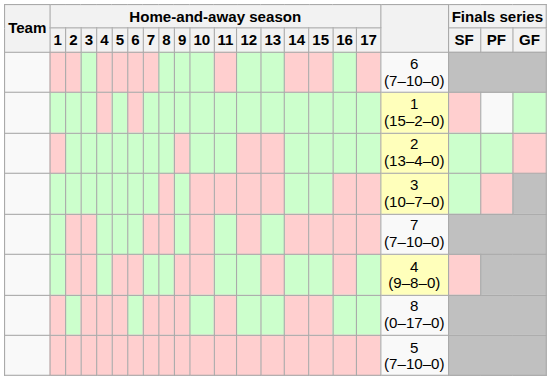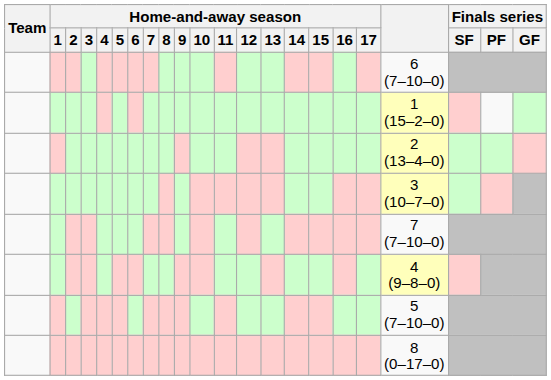 <table class="wikitable sortable" style="font-size:85%; text-align:center">
 <tr>
 <th rowspan=2>Team</th>
 <th colspan=17>Home-and-away season</th>
 <th rowspan=2></th>
 <th colspan=3>Finals series</th>
 </tr>
 <tr>
 <th>1</th>
 <th>2</th>
 <th>3</th>
 <th>4</th>
 <th>5</th>
 <th>6</th>
 <th>7</th>
 <th>8</th>
 <th>9</th>
 <th>10</th>
 <th>11</th>
 <th>12</th>
 <th>13</th>
 <th>14</th>
 <th>15</th>
 <th>16</th>
 <th>17</th>
 <th>SF</th>
 <th>PF</th>
 <th>GF</th>
 </tr>
 <tr>
 <td align=left></td>
 <td bgcolor=FFCFCF><strong></strong></td>
 <td bgcolor=FFCFCF></td>
 <td bgcolor=CCFFCC></td>
 <td bgcolor=FFCFCF><strong></strong></td>
 <td bgcolor=FFCFCF></td>
 <td bgcolor=FFCFCF><strong></strong></td>
 <td bgcolor=FFCFCF></td>
 <td bgcolor=CCFFCC></td>
 <td bgcolor=CCFFCC><strong></strong></td>
 <td bgcolor=CCFFCC><strong></strong></td>
 <td bgcolor=FFCFCF></td>
 <td bgcolor=CCFFCC><strong></strong></td>
 <td bgcolor=CCFFCC></td>
 <td bgcolor=FFCFCF><strong></strong></td>
 <td bgcolor=FFCFCF></td>
 <td bgcolor=CCFFCC><strong></strong></td>
 <td bgcolor=FFCFCF><strong></strong></td>
 <td>6<br>(7–10–0)</td>
 <td colspan=3 bgcolor=C0C0C0></td>
 </tr>
 <tr>
 <td align=left></td>
 <td bgcolor=CCFFCC></td>
 <td bgcolor=CCFFCC></td>
 <td bgcolor=CCFFCC><strong></strong></td>
 <td bgcolor=FFCFCF><strong></strong></td>
 <td bgcolor=CCFFCC></td>
 <td bgcolor=FFCFCF><strong></strong></td>
 <td bgcolor=CCFFCC><strong></strong></td>
 <td bgcolor=CCFFCC><strong></strong></td>
 <td bgcolor=CCFFCC><strong></strong></td>
 <td bgcolor=CCFFCC></td>
 <td bgcolor=CCFFCC></td>
 <td bgcolor=CCFFCC><strong></strong></td>
 <td bgcolor=CCFFCC></td>
 <td bgcolor=CCFFCC></td>
 <td bgcolor=CCFFCC><strong></strong></td>
 <td bgcolor=CCFFCC></td>
 <td bgcolor=CCFFCC><strong></strong></td>
 <td bgcolor=FFFFBB>1<br>(15–2–0)</td>
 <td bgcolor=FFCFCF><strong></strong></td>
 <td></td>
 <td bgcolor=CCFFCC><strong></strong></td>
 </tr>
 <tr>
 <td align=left></td>
 <td bgcolor=FFCFCF><strong></strong></td>
 <td bgcolor=CCFFCC></td>
 <td bgcolor=CCFFCC><strong></strong></td>
 <td bgcolor=CCFFCC><strong></strong></td>
 <td bgcolor=CCFFCC><strong></strong></td>
 <td bgcolor=CCFFCC></td>
 <td bgcolor=CCFFCC></td>
 <td bgcolor=CCFFCC></td>
 <td bgcolor=FFCFCF><strong></strong></td>
 <td bgcolor=CCFFCC></td>
 <td bgcolor=CCFFCC></td>
 <td bgcolor=FFCFCF></td>
 <td bgcolor=FFCFCF><strong></strong></td>
 <td bgcolor=CCFFCC><strong></strong></td>
 <td bgcolor=CCFFCC></td>
 <td bgcolor=CCFFCC><strong></strong></td>
 <td bgcolor=CCFFCC></td>
 <td bgcolor=FFFFBB>2<br>(13–4–0)</td>
 <td bgcolor=CCFFCC><strong></strong></td>
 <td bgcolor=CCFFCC><strong></strong></td>
 <td bgcolor=FFCFCF></td>
 </tr>
 <tr>
 <td align=left></td>
 <td bgcolor=CCFFCC></td>
 <td bgcolor=CCFFCC></td>
 <td bgcolor=CCFFCC><strong></strong></td>
 <td bgcolor=CCFFCC></td>
 <td bgcolor=CCFFCC><strong></strong></td>
 <td bgcolor=CCFFCC></td>
 <td bgcolor=CCFFCC><strong></strong></td>
 <td bgcolor=FFCFCF><strong></strong></td>
 <td bgcolor=CCFFCC><strong></strong></td>
 <td bgcolor=FFCFCF></td>
 <td bgcolor=FFCFCF><strong></strong></td>
 <td bgcolor=FFCFCF></td>
 <td bgcolor=FFCFCF><strong></strong></td>
 <td bgcolor=CCFFCC></td>
 <td bgcolor=CCFFCC></td>
 <td bgcolor=FFCFCF><strong></strong></td>
 <td bgcolor=FFCFCF><strong></strong></td>
 <td bgcolor=FFFFBB>3<br>(10–7–0)</td>
 <td bgcolor=CCFFCC></td>
 <td bgcolor=FFCFCF></td>
 <td bgcolor=C0C0C0></td>
 </tr>
 <tr>
 <td align=left></td>
 <td bgcolor=CCFFCC></td>
 <td bgcolor=FFCFCF><strong></strong></td>
 <td bgcolor=FFCFCF></td>
 <td bgcolor=CCFFCC><strong></strong></td>
 <td bgcolor=CCFFCC><strong></strong></td>
 <td bgcolor=CCFFCC></td>
 <td bgcolor=FFCFCF></td>
 <td bgcolor=FFCFCF><strong></strong></td>
 <td bgcolor=CCFFCC></td>
 <td bgcolor=FFCFCF><strong></strong></td>
 <td bgcolor=CCFFCC></td>
 <td bgcolor=FFCFCF></td>
 <td bgcolor=CCFFCC><strong></strong></td>
 <td bgcolor=FFCFCF><strong></strong></td>
 <td bgcolor=FFCFCF><strong></strong></td>
 <td bgcolor=FFCFCF></td>
 <td bgcolor=FFCFCF></td>
 <td>7<br>(7–10–0)</td>
 <td colspan=3 bgcolor=C0C0C0></td>
 </tr>
 <tr>
 <td align=left></td>
 <td bgcolor=CCFFCC><strong></strong></td>
 <td bgcolor=FFCFCF><strong></strong></td>
 <td bgcolor=FFCFCF></td>
 <td bgcolor=CCFFCC></td>
 <td bgcolor=FFCFCF></td>
 <td bgcolor=FFCFCF><strong></strong></td>
 <td bgcolor=CCFFCC><strong></strong></td>
 <td bgcolor=CCFFCC></td>
 <td bgcolor=FFCFCF></td>
 <td bgcolor=FFCFCF><strong></strong></td>
 <td bgcolor=CCFFCC><strong></strong></td>
 <td bgcolor=CCFFCC><strong></strong></td>
 <td bgcolor=FFCFCF></td>
 <td bgcolor=CCFFCC></td>
 <td bgcolor=CCFFCC><strong></strong></td>
 <td bgcolor=FFCFCF></td>
 <td bgcolor=CCFFCC><strong></strong></td>
 <td bgcolor=FFFFBB>4<br>(9–8–0)</td>
 <td bgcolor=FFCFCF></td>
 <td colspan=2 bgcolor=C0C0C0></td>
 </tr>
 <tr>
 <td align=left></td>
 <td bgcolor=FFCFCF><strong></strong></td>
 <td bgcolor=CCFFCC><strong></strong></td>
 <td bgcolor=FFCFCF></td>
 <td bgcolor=FFCFCF></td>
 <td bgcolor=FFCFCF></td>
 <td bgcolor=CCFFCC><strong></strong></td>
 <td bgcolor=FFCFCF></td>
 <td bgcolor=FFCFCF></td>
 <td bgcolor=FFCFCF></td>
 <td bgcolor=CCFFCC><strong></strong></td>
 <td bgcolor=FFCFCF><strong></strong></td>
 <td bgcolor=CCFFCC><strong></strong></td>
 <td bgcolor=CCFFCC></td>
 <td bgcolor=FFCFCF><strong></strong></td>
 <td bgcolor=FFCFCF></td>
 <td bgcolor=CCFFCC><strong></strong></td>
 <td bgcolor=CCFFCC></td>
-<td>8<br>(0–17–0)</td>
+<td>5<br>(7–10–0)</td>
 <td colspan=3 bgcolor=C0C0C0></td>
 </tr>
 <tr>
 <td align=left></td>
 <td bgcolor=FFCFCF></td>
 <td bgcolor=FFCFCF><strong></strong></td>
 <td bgcolor=FFCFCF><strong></strong></td>
 <td bgcolor=FFCFCF></td>
 <td bgcolor=FFCFCF><strong></strong></td>
 <td bgcolor=FFCFCF></td>
 <td bgcolor=FFCFCF><strong></strong></td>
 <td bgcolor=FFCFCF><strong></strong></td>
 <td bgcolor=FFCFCF></td>
 <td bgcolor=FFCFCF></td>
 <td bgcolor=FFCFCF><strong></strong></td>
 <td bgcolor=FFCFCF></td>
 <td bgcolor=FFCFCF><strong></strong></td>
 <td bgcolor=FFCFCF></td>
 <td bgcolor=FFCFCF><strong></strong></td>
 <td bgcolor=FFCFCF></td>
 <td bgcolor=FFCFCF></td>
-<td>5<br>(7–10–0)</td>
+<td>8<br>(0–17–0)</td>
 <td colspan=3 bgcolor=C0C0C0></td>
 </tr>
 </table>
